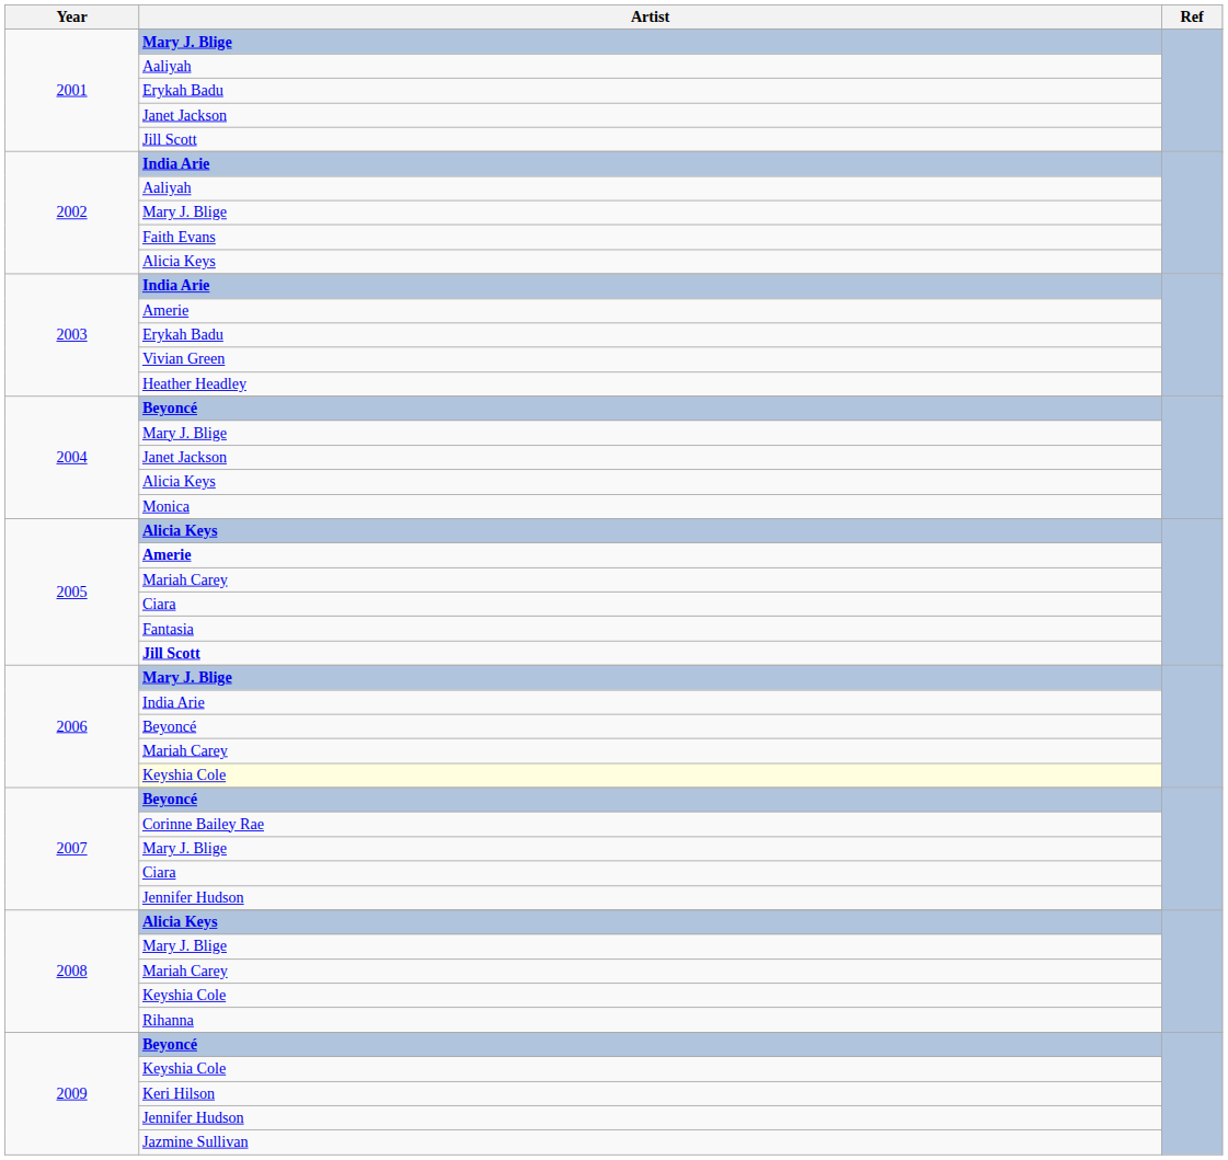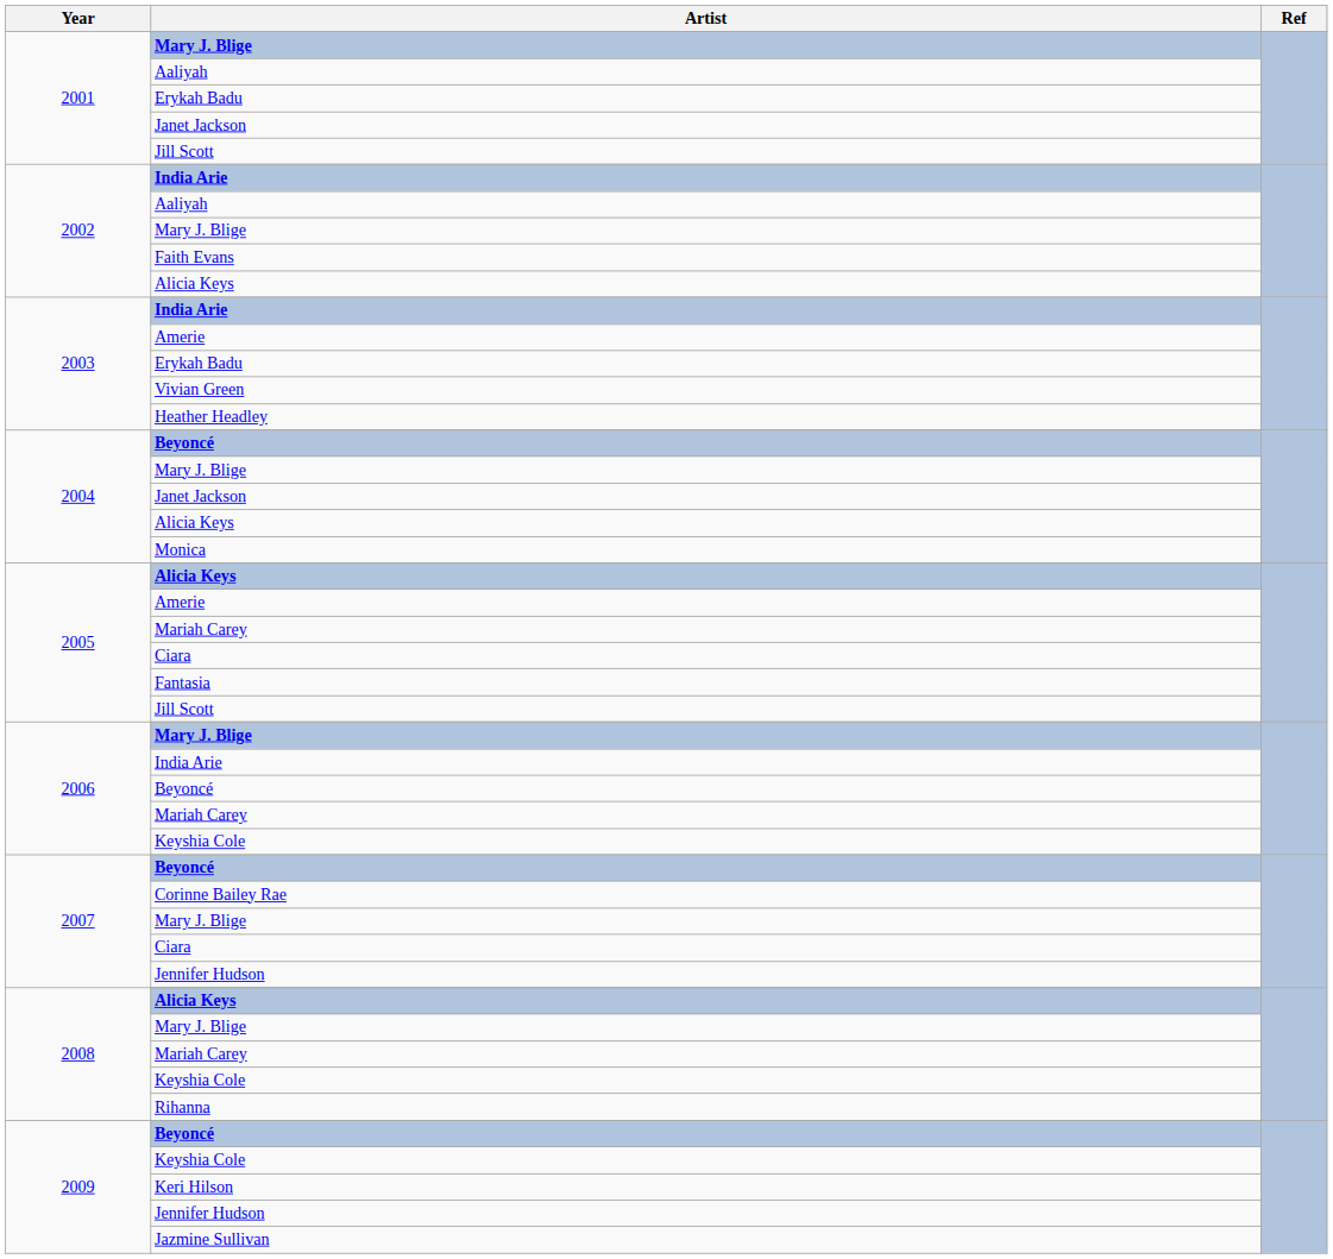 <table class="wikitable" style="width:100%;">
 <tr style="background:#bebebe;">
 <th style="width:11%;">Year</th>
 <th style="width:84%;">Artist</th>
 <th style="width:5%;">Ref</th>
 </tr>
 <tr>
 <td rowspan="6" align="center"><a href='#'>2001</a></td>
 </tr>
 <tr style="background:#B0C4DE">
 <td><strong><a href='#'>Mary J. Blige</a></strong></td>
 <td rowspan="6" align="center"></td>
 </tr>
 <tr>
 <td><a href='#'>Aaliyah</a></td>
 </tr>
 <tr>
 <td><a href='#'>Erykah Badu</a></td>
 </tr>
 <tr>
 <td><a href='#'>Janet Jackson</a></td>
 </tr>
 <tr>
 <td><a href='#'>Jill Scott</a></td>
 </tr>
 <tr>
 <td rowspan="6" align="center"><a href='#'>2002</a></td>
 </tr>
 <tr style="background:#B0C4DE">
 <td><strong><a href='#'>India Arie</a></strong></td>
 <td rowspan="6" align="center"></td>
 </tr>
 <tr>
 <td><a href='#'>Aaliyah</a></td>
 </tr>
 <tr>
 <td><a href='#'>Mary J. Blige</a></td>
 </tr>
 <tr>
 <td><a href='#'>Faith Evans</a></td>
 </tr>
 <tr>
 <td><a href='#'>Alicia Keys</a></td>
 </tr>
 <tr>
 <td rowspan="6" align="center"><a href='#'>2003</a></td>
 </tr>
 <tr style="background:#B0C4DE">
 <td><strong><a href='#'>India Arie</a></strong></td>
 <td rowspan="6" align="center"></td>
 </tr>
 <tr>
 <td><a href='#'>Amerie</a></td>
 </tr>
 <tr>
 <td><a href='#'>Erykah Badu</a></td>
 </tr>
 <tr>
 <td><a href='#'>Vivian Green</a></td>
 </tr>
 <tr>
 <td><a href='#'>Heather Headley</a></td>
 </tr>
 <tr>
 <td rowspan="6" align="center"><a href='#'>2004</a></td>
 </tr>
 <tr style="background:#B0C4DE">
 <td><strong><a href='#'>Beyoncé</a></strong></td>
 <td rowspan="6" align="center"></td>
 </tr>
 <tr>
 <td><a href='#'>Mary J. Blige</a></td>
 </tr>
 <tr>
 <td><a href='#'>Janet Jackson</a></td>
 </tr>
 <tr>
 <td><a href='#'>Alicia Keys</a></td>
 </tr>
 <tr>
 <td><a href='#'>Monica</a></td>
 </tr>
 <tr>
 <td rowspan="7" align="center"><a href='#'>2005</a></td>
 </tr>
 <tr style="background:#B0C4DE">
 <td><strong><a href='#'>Alicia Keys</a></strong></td>
 <td rowspan="7" align="center"></td>
 </tr>
 <tr>
-<td><strong><a href='#'>Amerie</a></strong></td>
+<td><a href='#'>Amerie</a></td>
 </tr>
 <tr>
 <td><a href='#'>Mariah Carey</a></td>
 </tr>
 <tr>
 <td><a href='#'>Ciara</a></td>
 </tr>
 <tr>
 <td><a href='#'>Fantasia</a></td>
 </tr>
 <tr>
-<td><strong><a href='#'>Jill Scott</a></strong></td>
+<td><a href='#'>Jill Scott</a></td>
 </tr>
 <tr>
 <td rowspan="6" align="center"><a href='#'>2006</a></td>
 </tr>
 <tr style="background:#B0C4DE">
 <td><strong><a href='#'>Mary J. Blige</a></strong></td>
 <td rowspan="6" align="center"></td>
 </tr>
 <tr>
 <td><a href='#'>India Arie</a></td>
 </tr>
 <tr>
 <td><a href='#'>Beyoncé</a></td>
 </tr>
 <tr>
 <td><a href='#'>Mariah Carey</a></td>
 </tr>
 <tr>
-<td style="background: lightyellow;"><a href='#'>Keyshia Cole</a></td>
+<td><a href='#'>Keyshia Cole</a></td>
 </tr>
 <tr>
 <td rowspan="6" align="center"><a href='#'>2007</a></td>
 </tr>
 <tr style="background:#B0C4DE">
 <td><strong><a href='#'>Beyoncé</a></strong></td>
 <td rowspan="6" align="center"></td>
 </tr>
 <tr>
 <td><a href='#'>Corinne Bailey Rae</a></td>
 </tr>
 <tr>
 <td><a href='#'>Mary J. Blige</a></td>
 </tr>
 <tr>
 <td><a href='#'>Ciara</a></td>
 </tr>
 <tr>
 <td><a href='#'>Jennifer Hudson</a></td>
 </tr>
 <tr>
 <td rowspan="6" align="center"><a href='#'>2008</a></td>
 </tr>
 <tr style="background:#B0C4DE">
 <td><strong><a href='#'>Alicia Keys</a></strong></td>
 <td rowspan="6" align="center"></td>
 </tr>
 <tr>
 <td><a href='#'>Mary J. Blige</a></td>
 </tr>
 <tr>
 <td><a href='#'>Mariah Carey</a></td>
 </tr>
 <tr>
 <td><a href='#'>Keyshia Cole</a></td>
 </tr>
 <tr>
 <td><a href='#'>Rihanna</a></td>
 </tr>
 <tr>
 <td rowspan="6" align="center"><a href='#'>2009</a></td>
 </tr>
 <tr style="background:#B0C4DE">
 <td><strong><a href='#'>Beyoncé</a></strong></td>
 <td rowspan="6" align="center"></td>
 </tr>
 <tr>
 <td><a href='#'>Keyshia Cole</a></td>
 </tr>
 <tr>
 <td><a href='#'>Keri Hilson</a></td>
 </tr>
 <tr>
 <td><a href='#'>Jennifer Hudson</a></td>
 </tr>
 <tr>
 <td><a href='#'>Jazmine Sullivan</a></td>
 </tr>
 </table>
